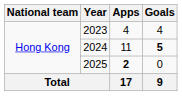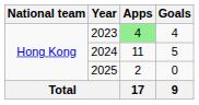 <table class="wikitable" style="text-align:center">
 <tr>
 <th>National team</th>
 <th>Year</th>
 <th>Apps</th>
 <th>Goals</th>
 </tr>
 <tr>
 <td rowspan="3"><a href='#'>Hong Kong</a></td>
 <td>2023</td>
-<td>4</td>
+<td style="background: lightgreen;">4</td>
 <td>4</td>
 </tr>
 <tr>
 <td>2024</td>
 <td>11</td>
-<td><strong>5</strong></td>
+<td>5</td>
 </tr>
 <tr>
 <td>2025</td>
-<td><strong>2</strong></td>
+<td>2</td>
 <td>0</td>
 </tr>
 <tr>
 <th colspan="2">Total</th>
 <th>17</th>
 <th>9</th>
 </tr>
 </table>
